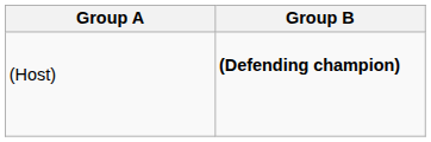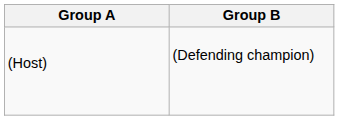 <table class=wikitable>
 <tr>
 <th width=45%>Group A</th>
 <th width=45%>Group B</th>
 </tr>
 <tr>
 <td><br> (Host)<br>  <br>  <br> </td>
-<td><strong><br> (Defending champion)<br>  <br>  <br>  <br></strong></td>
+<td><br> (Defending champion)<br>  <br>  <br>  <br></td>
 </tr>
 </table>
